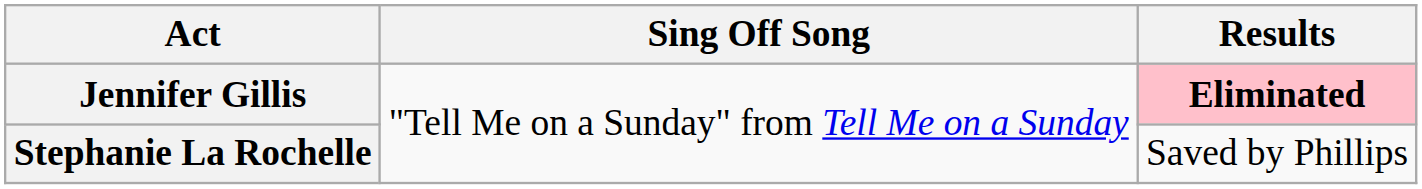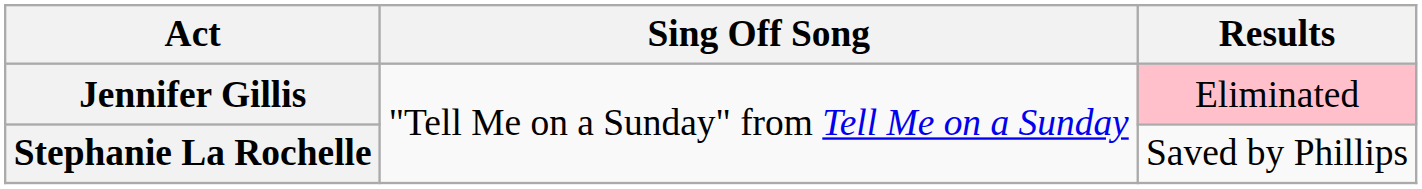 <table class="wikitable plainrowheaders" style="text-align:center;">
 <tr>
 <th scope="col">Act</th>
 <th scope="col">Sing Off Song</th>
 <th scope="col">Results</th>
 </tr>
 <tr>
 <th scope="row">Jennifer Gillis</th>
 <td rowspan="3">"Tell Me on a Sunday" from <em><a href='#'>Tell Me on a Sunday</a></em></td>
-<td style="background:pink;"><strong>Eliminated</strong></td>
+<td style="background:pink;">Eliminated</td>
 </tr>
 <tr>
 <th scope="row">Stephanie La Rochelle</th>
 <td>Saved by Phillips</td>
 </tr>
 </table>
